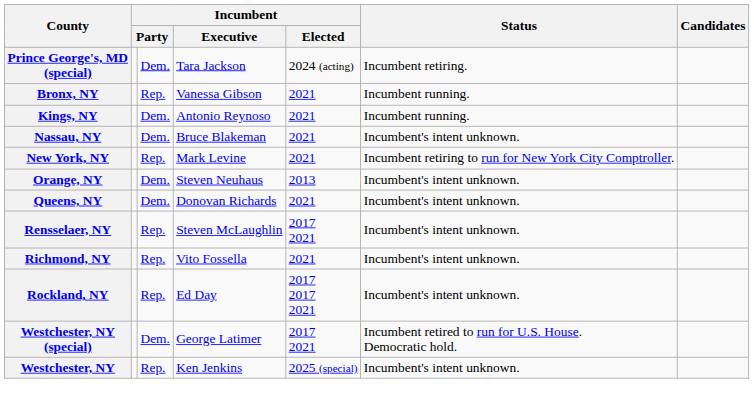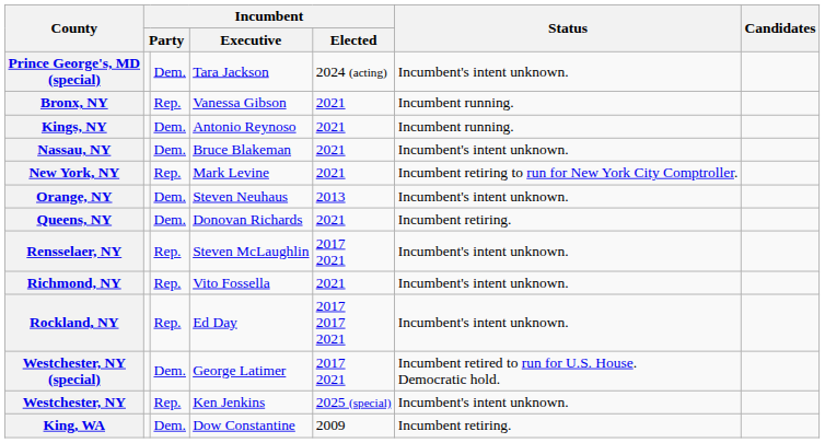 <table class="wikitable sortable">
 <tr>
 <th rowspan="2">County</th>
 <th colspan=4>Incumbent</th>
 <th rowspan="2">Status</th>
 <th rowspan="2">Candidates</th>
 </tr>
 <tr>
 <th colspan=2 align="center">Party</th>
 <th align="center">Executive</th>
 <th align="center">Elected</th>
 </tr>
 <tr>
 <th><a href='#'>Prince George's, MD<br>(special)</a></th>
 <td style="background-color:"></td>
 <td><a href='#'>Dem.</a></td>
 <td><a href='#'>Tara Jackson</a></td>
 <td>2024 <small>(acting)</small></td>
-<td>Incumbent retiring.</td>
+<td>Incumbent's intent unknown.</td>
 <td nowrap></td>
 </tr>
 <tr>
 <th><a href='#'>Bronx, NY</a></th>
 <td style="background-color:"></td>
 <td><a href='#'>Rep.</a></td>
 <td><a href='#'>Vanessa Gibson</a></td>
 <td><a href='#'>2021</a></td>
 <td>Incumbent running.</td>
 <td nowrap></td>
 </tr>
 <tr>
 <th><a href='#'>Kings, NY</a></th>
 <td style="background-color:"></td>
 <td><a href='#'>Dem.</a></td>
 <td><a href='#'>Antonio Reynoso</a></td>
 <td><a href='#'>2021</a></td>
 <td>Incumbent running.</td>
 <td nowrap></td>
 </tr>
 <tr>
 <th><a href='#'>Nassau, NY</a></th>
 <td style="background-color:"></td>
 <td><a href='#'>Dem.</a></td>
 <td><a href='#'>Bruce Blakeman</a></td>
 <td><a href='#'>2021</a></td>
 <td>Incumbent's intent unknown.</td>
 <td></td>
 </tr>
 <tr>
 <th><a href='#'>New York, NY</a></th>
 <td style="background-color:"></td>
 <td><a href='#'>Rep.</a></td>
 <td><a href='#'>Mark Levine</a></td>
 <td><a href='#'>2021</a></td>
 <td>Incumbent retiring to <a href='#'>run for New York City Comptroller</a>.</td>
 <td nowrap></td>
 </tr>
 <tr>
 <th><a href='#'>Orange, NY</a></th>
 <td style="background-color:"></td>
 <td><a href='#'>Dem.</a></td>
 <td><a href='#'>Steven Neuhaus</a></td>
 <td><a href='#'>2013</a></td>
 <td>Incumbent's intent unknown.</td>
 <td></td>
 </tr>
 <tr>
 <th><a href='#'>Queens, NY</a></th>
 <td style="background-color:"></td>
 <td><a href='#'>Dem.</a></td>
 <td><a href='#'>Donovan Richards</a></td>
 <td><a href='#'>2021</a></td>
-<td>Incumbent's intent unknown.</td>
+<td>Incumbent retiring.</td>
 <td></td>
 </tr>
 <tr>
 <th><a href='#'>Rensselaer, NY</a></th>
 <td style="background-color:"></td>
 <td><a href='#'>Rep.</a></td>
 <td><a href='#'>Steven McLaughlin</a></td>
 <td><a href='#'>2017</a><br><a href='#'>2021</a></td>
 <td>Incumbent's intent unknown.</td>
 </tr>
 <tr>
 <th><a href='#'>Richmond, NY</a></th>
 <td style="background-color:"></td>
 <td><a href='#'>Rep.</a></td>
 <td><a href='#'>Vito Fossella</a></td>
 <td><a href='#'>2021</a></td>
 <td>Incumbent's intent unknown.</td>
 <td></td>
 </tr>
 <tr>
 <th><a href='#'>Rockland, NY</a></th>
 <td style="background-color:"></td>
 <td><a href='#'>Rep.</a></td>
 <td><a href='#'>Ed Day</a></td>
 <td><a href='#'>2017</a><br><a href='#'>2017</a><br><a href='#'>2021</a></td>
 <td>Incumbent's intent unknown.</td>
 <td></td>
 </tr>
 <tr>
 <th><a href='#'>Westchester, NY<br>(special)</a></th>
 <td style="background-color:"></td>
 <td><a href='#'>Dem.</a></td>
 <td><a href='#'>George Latimer</a></td>
 <td><a href='#'>2017</a><br><a href='#'>2021</a></td>
 <td>Incumbent retired to <a href='#'>run for U.S. House</a>.<br>Democratic hold.</td>
 <td nowrap></td>
 </tr>
 <tr>
 <th><a href='#'>Westchester, NY</a></th>
 <td style="background-color:"></td>
 <td><a href='#'>Rep.</a></td>
 <td><a href='#'>Ken Jenkins</a></td>
 <td><a href='#'>2025 <small>(special)</small></a></td>
 <td>Incumbent's intent unknown.</td>
 <td></td>
 </tr>
+<tr>
+<th><a href='#'>King, WA</a></th>
+<td style="background-color:"></td>
+<td><a href='#'>Dem.</a></td>
+<td><a href='#'>Dow Constantine</a></td>
+<td>2009</td>
+<td>Incumbent retiring.</td>
+<td nowrap></td>
+</tr>
 </table>
